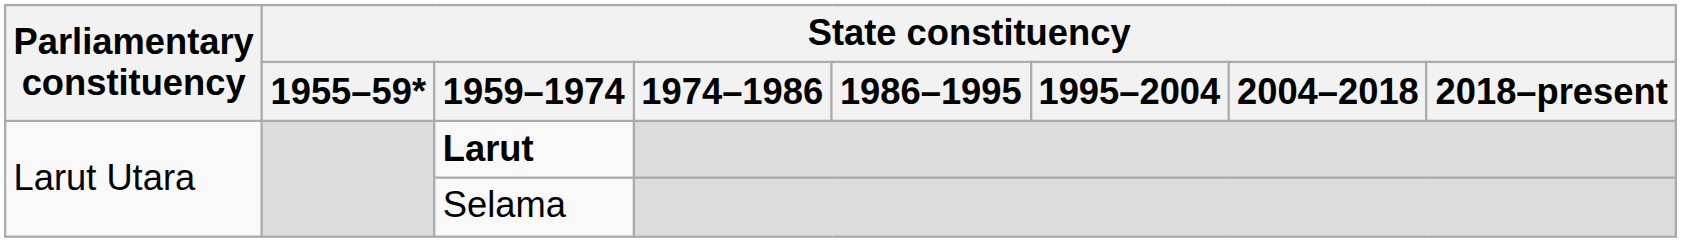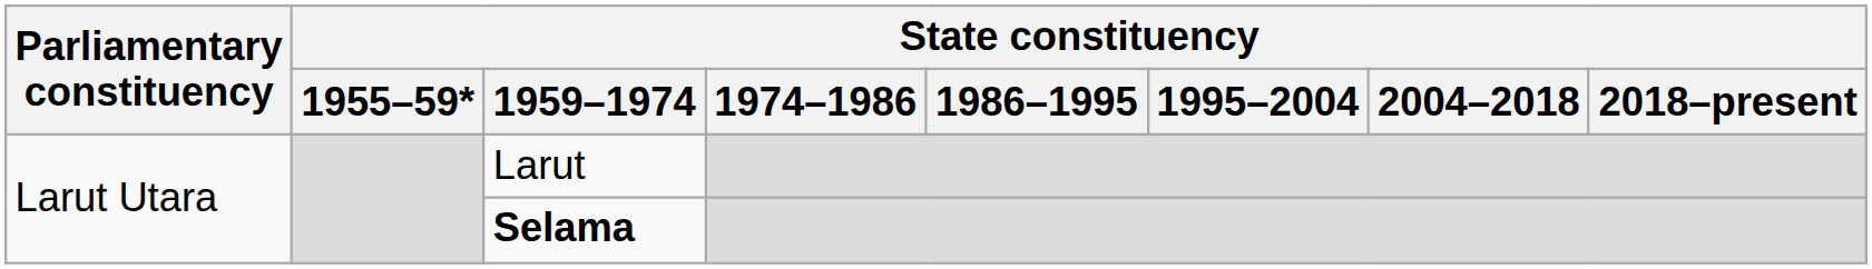 <table class="wikitable">
 <tr>
 <th rowspan="2">Parliamentary<br>constituency</th>
 <th colspan="7">State constituency</th>
 </tr>
 <tr>
 <th>1955–59*</th>
 <th>1959–1974</th>
 <th>1974–1986</th>
 <th>1986–1995</th>
 <th>1995–2004</th>
 <th>2004–2018</th>
 <th>2018–present</th>
 </tr>
 <tr>
 <td rowspan="2">Larut Utara</td>
 <td rowspan="2" bgcolor="dcdcdc"></td>
-<td><strong>Larut</strong></td>
+<td>Larut</td>
 <td colspan="5" bgcolor="dcdcdc"></td>
 </tr>
 <tr>
-<td>Selama</td>
+<td><strong>Selama</strong></td>
 <td colspan="5" bgcolor="dcdcdc"></td>
 </tr>
 </table>
